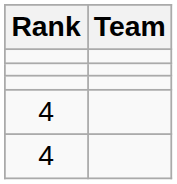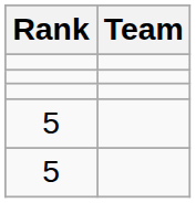 <table class="wikitable">
 <tr>
 <th>Rank</th>
 <th>Team</th>
 </tr>
 <tr>
 <td align=center></td>
 <td></td>
 </tr>
 <tr>
 <td align=center></td>
 <td></td>
 </tr>
 <tr>
 <td align=center></td>
 <td></td>
 </tr>
 <tr>
-<td align=center>4</td>
+<td align=center>5</td>
 <td></td>
 </tr>
 <tr>
-<td align=center>4</td>
+<td align=center>5</td>
 <td></td>
 </tr>
 </table>
